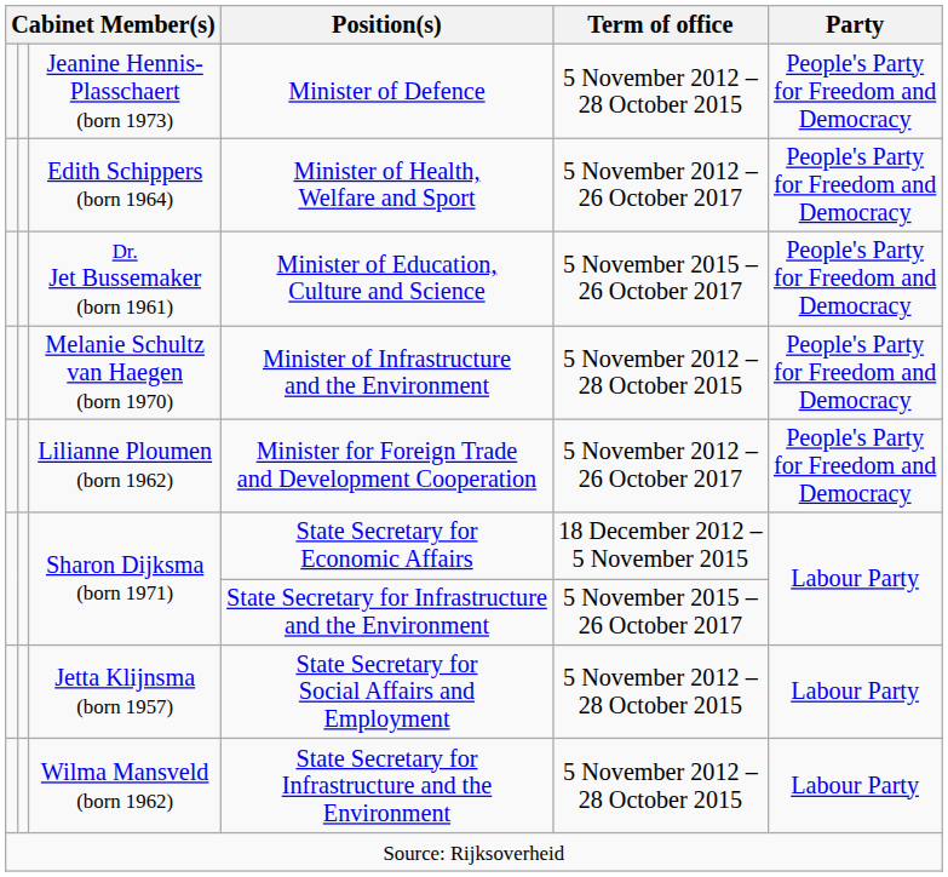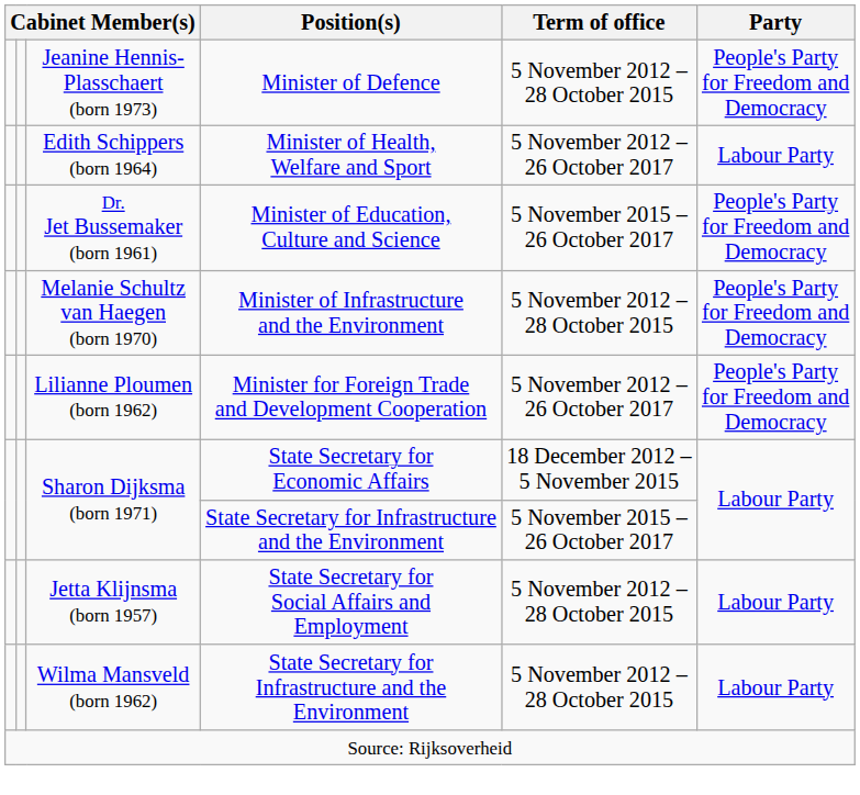 <table class="wikitable" style="text-align:center">
 <tr>
 <th colspan=3>Cabinet Member(s)</th>
 <th>Position(s)</th>
 <th>Term of office</th>
 <th>Party</th>
 </tr>
 <tr>
 <td style="background:"></td>
 <td></td>
 <td><a href='#'>Jeanine Hennis-<br>Plasschaert</a> <br> <small>(born 1973)</small></td>
 <td><a href='#'>Minister of Defence</a></td>
 <td>5 November 2012 – <br> 28 October 2015</td>
 <td><a href='#'>People's Party <br> for Freedom and <br> Democracy</a></td>
 </tr>
 <tr>
 <td style="background:"></td>
 <td></td>
 <td><a href='#'>Edith Schippers</a> <br> <small>(born 1964)</small></td>
 <td><a href='#'>Minister of Health, <br> Welfare and Sport</a></td>
 <td>5 November 2012 – <br> 26 October 2017</td>
-<td><a href='#'>People's Party <br> for Freedom and <br> Democracy</a></td>
+<td><a href='#'>Labour Party</a></td>
 </tr>
 <tr>
 <td style="background:"></td>
 <td></td>
 <td><small><a href='#'>Dr.</a></small> <br> <a href='#'>Jet Bussemaker</a> <br> <small>(born 1961)</small></td>
 <td><a href='#'>Minister of Education, <br> Culture and Science</a></td>
 <td>5 November 2015 – <br> 26 October 2017</td>
 <td><a href='#'>People's Party <br> for Freedom and <br> Democracy</a></td>
 </tr>
 <tr>
 <td style="background:"></td>
 <td></td>
 <td><a href='#'>Melanie Schultz <br> van Haegen</a> <br> <small>(born 1970)</small></td>
 <td><a href='#'>Minister of Infrastructure <br> and the Environment</a></td>
 <td>5 November 2012 – <br> 28 October 2015</td>
 <td><a href='#'>People's Party <br> for Freedom and <br> Democracy</a></td>
 </tr>
 <tr>
 <td style="background:"></td>
 <td></td>
 <td><a href='#'>Lilianne Ploumen</a> <br> <small>(born 1962)</small></td>
 <td><a href='#'>Minister for Foreign Trade <br> and Development Cooperation</a></td>
 <td>5 November 2012 – <br> 26 October 2017</td>
 <td><a href='#'>People's Party <br> for Freedom and <br> Democracy</a></td>
 </tr>
 <tr>
 <td rowspan=2 style="background:"></td>
 <td rowspan=2></td>
 <td rowspan=2><a href='#'>Sharon Dijksma</a> <br> <small>(born 1971)</small></td>
 <td><a href='#'>State Secretary for <br> Economic Affairs</a></td>
 <td>18 December 2012 – <br> 5 November 2015</td>
 <td rowspan=2><a href='#'>Labour Party</a></td>
 </tr>
 <tr>
 <td><a href='#'>State Secretary for Infrastructure <br> and the Environment</a></td>
 <td>5 November 2015 – <br> 26 October 2017</td>
 </tr>
 <tr>
 <td style="background:"></td>
 <td></td>
 <td><a href='#'>Jetta Klijnsma</a> <br> <small>(born 1957)</small></td>
 <td><a href='#'>State Secretary for <br> Social Affairs and <br> Employment</a></td>
 <td>5 November 2012 – <br> 28 October 2015</td>
 <td><a href='#'>Labour Party</a></td>
 </tr>
 <tr>
 <td style="background:"></td>
 <td></td>
 <td><a href='#'>Wilma Mansveld</a> <br> <small>(born 1962)</small></td>
 <td><a href='#'>State Secretary for <br> Infrastructure and the <br> Environment</a></td>
 <td>5 November 2012 – <br> 28 October 2015</td>
 <td><a href='#'>Labour Party</a></td>
 </tr>
 <tr>
 <td colspan=9><small>Source:   Rijksoverheid</small></td>
 </tr>
 </table>
